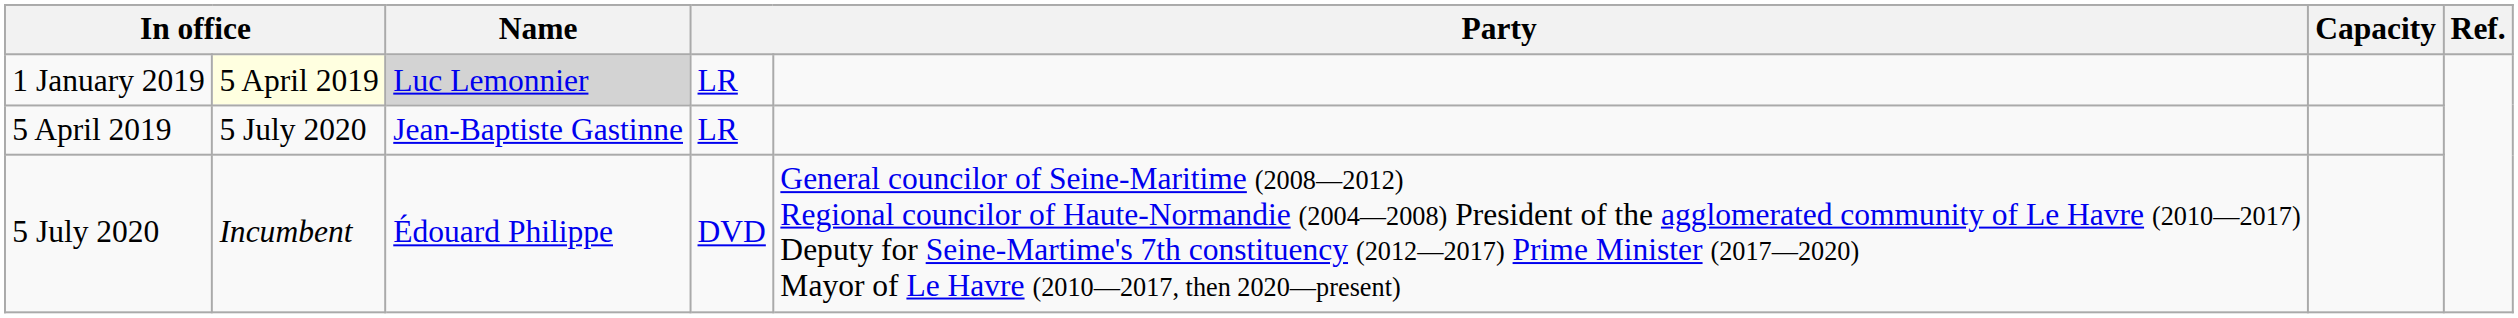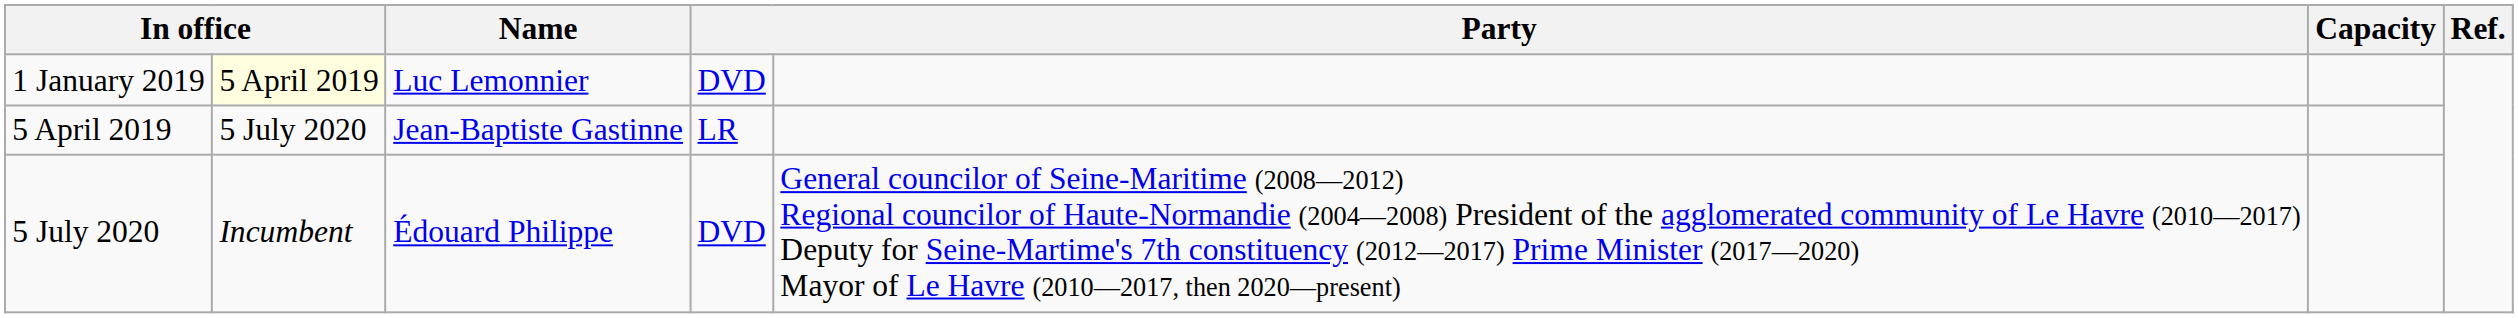 <table class="wikitable">
 <tr>
 <th colspan="2">In office</th>
 <th>Name</th>
 <th colspan="2">Party</th>
 <th>Capacity</th>
 <th>Ref.</th>
 </tr>
 <tr>
 <td>1 January 2019</td>
 <td style="background: lightyellow;">5 April 2019</td>
-<td style="background: lightgrey;"><a href='#'>Luc Lemonnier</a></td>
-<td><a href='#'>LR</a></td>
+<td><a href='#'>Luc Lemonnier</a></td>
+<td><a href='#'>DVD</a></td>
 <td></td>
 <td></td>
 </tr>
 <tr>
 <td>5 April 2019</td>
 <td>5 July 2020</td>
 <td><a href='#'>Jean-Baptiste Gastinne</a></td>
 <td><a href='#'>LR</a></td>
 <td></td>
 <td></td>
 </tr>
 <tr>
 <td>5 July 2020</td>
 <td><em>Incumbent</em></td>
 <td><a href='#'>Édouard Philippe</a></td>
 <td><a href='#'>DVD</a></td>
 <td><a href='#'>General councilor of Seine-Maritime</a> <small>(2008—2012)</small><br><a href='#'>Regional councilor of Haute-Normandie</a> <small>(2004—2008)</small> President of the <a href='#'>agglomerated community of Le Havre</a> <small>(2010—2017)</small><br>Deputy for <a href='#'>Seine-Martime's 7th constituency</a> <small>(2012—2017)</small> <a href='#'>Prime Minister</a> <small>(2017—2020)</small><br>Mayor of <a href='#'>Le Havre</a> <small>(2010—2017, then 2020—present)</small></td>
 <td></td>
 </tr>
 </table>
